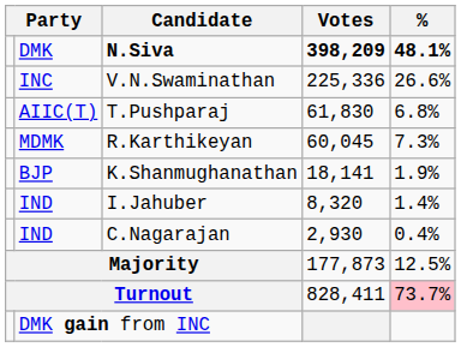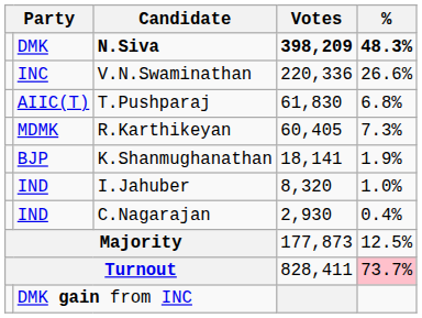 <table class="wikitable">
 <tr>
 <th colspan="2">Party</th>
 <th>Candidate</th>
 <th>Votes</th>
 <th>%</th>
 </tr>
 <tr>
 <td></td>
 <td><a href='#'>DMK</a></td>
 <td><strong>N.Siva</strong></td>
 <td><strong>398,209</strong></td>
-<td><strong>48.1%</strong></td>
+<td><strong>48.3%</strong></td>
 </tr>
 <tr>
 <td></td>
 <td><a href='#'>INC</a></td>
 <td>V.N.Swaminathan</td>
-<td>225,336</td>
+<td>220,336</td>
 <td>26.6%</td>
 </tr>
 <tr>
 <td></td>
 <td><a href='#'>AIIC(T)</a></td>
 <td>T.Pushparaj</td>
 <td>61,830</td>
 <td>6.8%</td>
 </tr>
 <tr>
 <td></td>
 <td><a href='#'>MDMK</a></td>
 <td>R.Karthikeyan</td>
-<td>60,045</td>
+<td>60,405</td>
 <td>7.3%</td>
 </tr>
 <tr>
 <td></td>
 <td><a href='#'>BJP</a></td>
 <td>K.Shanmughanathan</td>
 <td>18,141</td>
 <td>1.9%</td>
 </tr>
 <tr>
 <td></td>
 <td><a href='#'>IND</a></td>
 <td>I.Jahuber</td>
 <td>8,320</td>
-<td>1.4%</td>
+<td>1.0%</td>
 </tr>
 <tr>
 <td></td>
 <td><a href='#'>IND</a></td>
 <td>C.Nagarajan</td>
 <td>2,930</td>
 <td>0.4%</td>
 </tr>
 <tr>
 <th colspan="3">Majority</th>
 <td>177,873</td>
 <td>12.5%</td>
 </tr>
 <tr>
 <th colspan="3"><a href='#'>Turnout</a></th>
 <td>828,411</td>
 <td style="background: pink;">73.7%</td>
 </tr>
 <tr>
 <td></td>
 <td colspan="2"><a href='#'>DMK</a> <strong>gain</strong> from <a href='#'>INC</a></td>
 <th></th>
 <td></td>
 </tr>
 </table>
